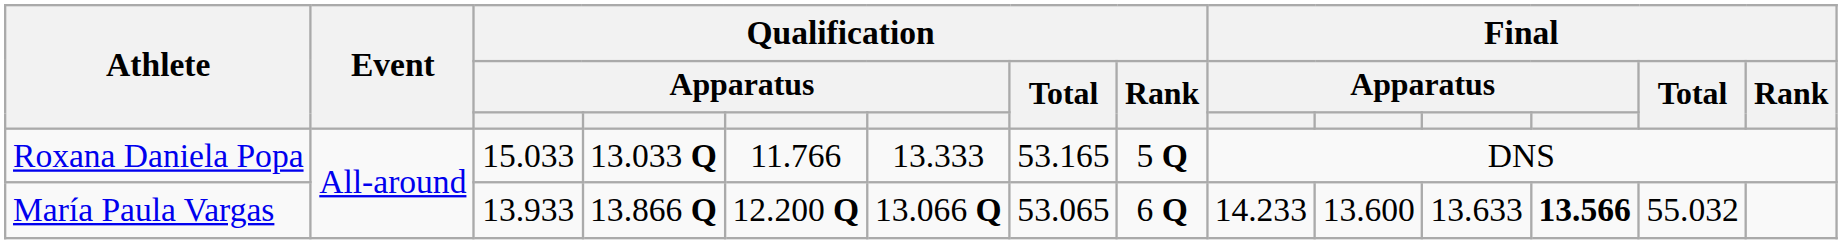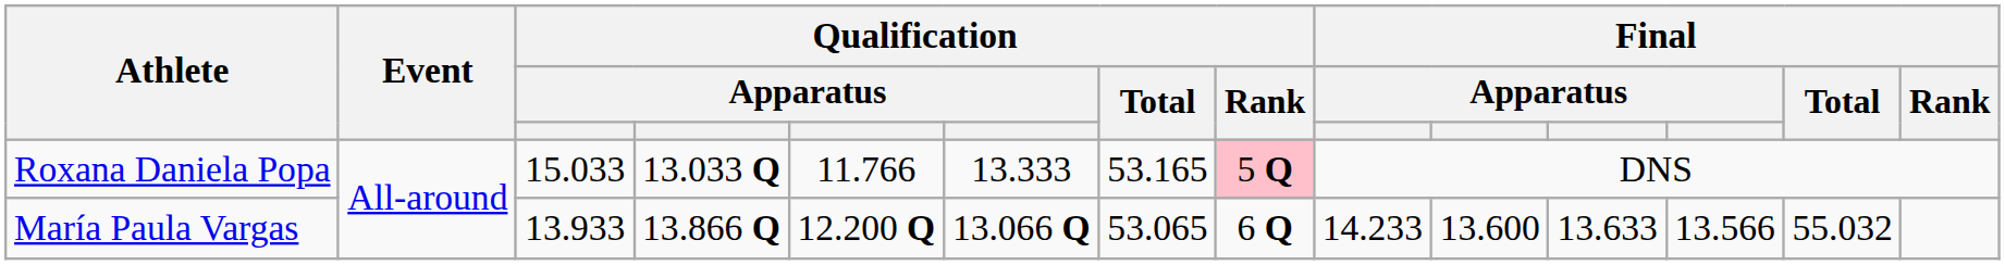 <table class="wikitable" style="font-size:90%">
 <tr>
 <th rowspan=3>Athlete</th>
 <th rowspan=3>Event</th>
 <th colspan=6>Qualification</th>
 <th colspan=6>Final</th>
 </tr>
 <tr style="font-size:95%">
 <th colspan=4>Apparatus</th>
 <th rowspan=2>Total</th>
 <th rowspan=2>Rank</th>
 <th colspan=4>Apparatus</th>
 <th rowspan=2>Total</th>
 <th rowspan=2>Rank</th>
 </tr>
 <tr style="font-size:95%">
 <th></th>
 <th></th>
 <th></th>
 <th></th>
 <th></th>
 <th></th>
 <th></th>
 <th></th>
 </tr>
 <tr align=center>
 <td align=left><a href='#'>Roxana Daniela Popa</a></td>
 <td align=left rowspan=2><a href='#'>All-around</a></td>
 <td>15.033</td>
 <td>13.033 <strong>Q</strong></td>
 <td>11.766</td>
 <td>13.333</td>
 <td>53.165</td>
-<td>5 <strong>Q</strong></td>
+<td style="background: pink;">5 <strong>Q</strong></td>
 <td colspan=6>DNS</td>
 </tr>
 <tr align=center>
 <td align=left><a href='#'>María Paula Vargas</a></td>
 <td>13.933</td>
 <td>13.866 <strong>Q</strong></td>
 <td>12.200 <strong>Q</strong></td>
 <td>13.066 <strong>Q</strong></td>
 <td>53.065</td>
 <td>6 <strong>Q</strong></td>
 <td>14.233</td>
 <td>13.600</td>
 <td>13.633</td>
-<td><strong>13.566</strong></td>
+<td>13.566</td>
 <td>55.032</td>
 <td></td>
 </tr>
 </table>
